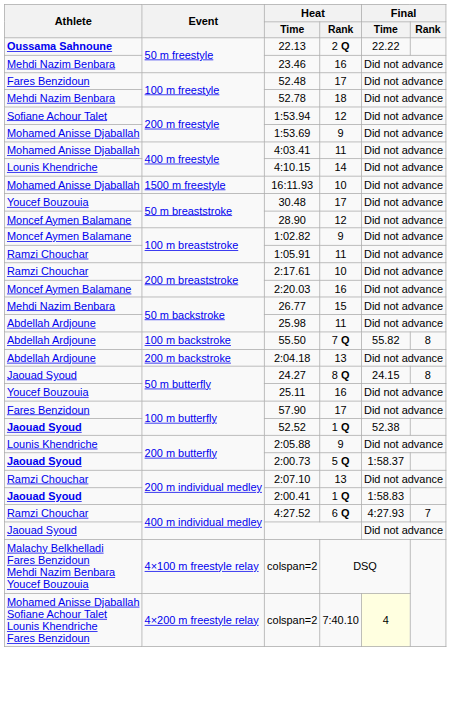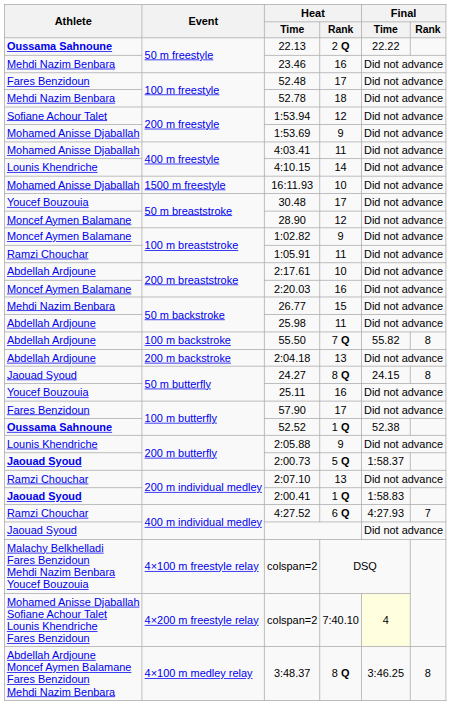 <table class=wikitable style="font-size:90%">
 <tr>
 <th rowspan="2">Athlete</th>
 <th rowspan="2">Event</th>
 <th colspan="2">Heat</th>
 <th colspan="2">Final</th>
 </tr>
 <tr style="font-size:95%">
 <th>Time</th>
 <th>Rank</th>
 <th>Time</th>
 <th>Rank</th>
 </tr>
 <tr align=center>
 <td align=left><strong><a href='#'>Oussama Sahnoune</a></strong></td>
 <td align=left rowspan=2><a href='#'>50 m freestyle</a></td>
 <td>22.13</td>
 <td>2 <strong>Q</strong></td>
 <td>22.22</td>
 <td></td>
 </tr>
 <tr align=center>
 <td align=left><a href='#'>Mehdi Nazim Benbara</a></td>
 <td>23.46</td>
 <td>16</td>
 <td colspan=2>Did not advance</td>
 </tr>
 <tr align=center>
 <td align=left><a href='#'>Fares Benzidoun</a></td>
 <td align=left rowspan=2><a href='#'>100 m freestyle</a></td>
 <td>52.48</td>
 <td>17</td>
 <td colspan=2>Did not advance</td>
 </tr>
 <tr align=center>
 <td align=left><a href='#'>Mehdi Nazim Benbara</a></td>
 <td>52.78</td>
 <td>18</td>
 <td colspan=2>Did not advance</td>
 </tr>
 <tr align=center>
 <td align=left><a href='#'>Sofiane Achour Talet</a></td>
 <td align=left rowspan=2><a href='#'>200 m freestyle</a></td>
 <td>1:53.94</td>
 <td>12</td>
 <td colspan=2>Did not advance</td>
 </tr>
 <tr align=center>
 <td align=left><a href='#'>Mohamed Anisse Djaballah</a></td>
 <td>1:53.69</td>
 <td>9</td>
 <td colspan=2>Did not advance</td>
 </tr>
 <tr align=center>
 <td align=left><a href='#'>Mohamed Anisse Djaballah</a></td>
 <td align=left rowspan=2><a href='#'>400 m freestyle</a></td>
 <td>4:03.41</td>
 <td>11</td>
 <td colspan=2>Did not advance</td>
 </tr>
 <tr align=center>
 <td align=left><a href='#'>Lounis Khendriche</a></td>
 <td>4:10.15</td>
 <td>14</td>
 <td colspan=2>Did not advance</td>
 </tr>
 <tr align=center>
 <td align=left><a href='#'>Mohamed Anisse Djaballah</a></td>
 <td align=left><a href='#'>1500 m freestyle</a></td>
 <td>16:11.93</td>
 <td>10</td>
 <td colspan=2>Did not advance</td>
 </tr>
 <tr align=center>
 <td align=left><a href='#'>Youcef Bouzouia</a></td>
 <td align=left rowspan=2><a href='#'>50 m breaststroke</a></td>
 <td>30.48</td>
 <td>17</td>
 <td colspan=2>Did not advance</td>
 </tr>
 <tr align=center>
 <td align=left><a href='#'>Moncef Aymen Balamane</a></td>
 <td>28.90</td>
 <td>12</td>
 <td colspan=2>Did not advance</td>
 </tr>
 <tr align=center>
 <td align=left><a href='#'>Moncef Aymen Balamane</a></td>
 <td align=left rowspan=2><a href='#'>100 m breaststroke</a></td>
 <td>1:02.82</td>
 <td>9</td>
 <td colspan=2>Did not advance</td>
 </tr>
 <tr align=center>
 <td align=left><a href='#'>Ramzi Chouchar</a></td>
 <td>1:05.91</td>
 <td>11</td>
 <td colspan=2>Did not advance</td>
 </tr>
 <tr align=center>
-<td align=left><a href='#'>Ramzi Chouchar</a></td>
+<td align=left><a href='#'>Abdellah Ardjoune</a></td>
 <td align=left rowspan=2><a href='#'>200 m breaststroke</a></td>
 <td>2:17.61</td>
 <td>10</td>
 <td colspan=2>Did not advance</td>
 </tr>
 <tr align=center>
 <td align=left><a href='#'>Moncef Aymen Balamane</a></td>
 <td>2:20.03</td>
 <td>16</td>
 <td colspan=2>Did not advance</td>
 </tr>
 <tr align=center>
 <td align=left><a href='#'>Mehdi Nazim Benbara</a></td>
 <td align=left rowspan=2><a href='#'>50 m backstroke</a></td>
 <td>26.77</td>
 <td>15</td>
 <td colspan=2>Did not advance</td>
 </tr>
 <tr align=center>
 <td align=left><a href='#'>Abdellah Ardjoune</a></td>
 <td>25.98</td>
 <td>11</td>
 <td colspan=2>Did not advance</td>
 </tr>
 <tr align=center>
 <td align=left><a href='#'>Abdellah Ardjoune</a></td>
 <td align=left><a href='#'>100 m backstroke</a></td>
 <td>55.50</td>
 <td>7 <strong>Q</strong></td>
 <td>55.82</td>
 <td>8</td>
 </tr>
 <tr align=center>
 <td align=left><a href='#'>Abdellah Ardjoune</a></td>
 <td align=left><a href='#'>200 m backstroke</a></td>
 <td>2:04.18</td>
 <td>13</td>
 <td colspan=2>Did not advance</td>
 </tr>
 <tr align=center>
 <td align=left><a href='#'>Jaouad Syoud</a></td>
 <td align=left rowspan=2><a href='#'>50 m butterfly</a></td>
 <td>24.27</td>
 <td>8 <strong>Q</strong></td>
 <td>24.15</td>
 <td>8</td>
 </tr>
 <tr align=center>
 <td align=left><a href='#'>Youcef Bouzouia</a></td>
 <td>25.11</td>
 <td>16</td>
 <td colspan=2>Did not advance</td>
 </tr>
 <tr align=center>
 <td align=left><a href='#'>Fares Benzidoun</a></td>
 <td align=left rowspan=2><a href='#'>100 m butterfly</a></td>
 <td>57.90</td>
 <td>17</td>
 <td colspan=2>Did not advance</td>
 </tr>
 <tr align=center>
-<td align=left><strong><a href='#'>Jaouad Syoud</a></strong></td>
+<td align=left><strong><a href='#'>Oussama Sahnoune</a></strong></td>
 <td>52.52</td>
 <td>1 <strong>Q</strong></td>
 <td>52.38</td>
 <td></td>
 </tr>
 <tr align=center>
 <td align=left><a href='#'>Lounis Khendriche</a></td>
 <td align=left rowspan=2><a href='#'>200 m butterfly</a></td>
 <td>2:05.88</td>
 <td>9</td>
 <td colspan=2>Did not advance</td>
 </tr>
 <tr align=center>
 <td align=left><strong><a href='#'>Jaouad Syoud</a></strong></td>
 <td>2:00.73</td>
 <td>5 <strong>Q</strong></td>
 <td>1:58.37</td>
 <td></td>
 </tr>
 <tr align=center>
 <td align=left><a href='#'>Ramzi Chouchar</a></td>
 <td align=left rowspan=2><a href='#'>200 m individual medley</a></td>
 <td>2:07.10</td>
 <td>13</td>
 <td colspan=2>Did not advance</td>
 </tr>
 <tr align=center>
 <td align=left><strong><a href='#'>Jaouad Syoud</a></strong></td>
 <td>2:00.41</td>
 <td>1 <strong>Q</strong></td>
 <td>1:58.83</td>
 <td></td>
 </tr>
 <tr align=center>
 <td align=left><a href='#'>Ramzi Chouchar</a></td>
 <td align=left rowspan=2><a href='#'>400 m individual medley</a></td>
 <td>4:27.52</td>
 <td>6 <strong>Q</strong></td>
 <td>4:27.93</td>
 <td>7</td>
 </tr>
 <tr align=center>
 <td align=left><a href='#'>Jaouad Syoud</a></td>
 <td colspan=2></td>
 <td colspan=2>Did not advance</td>
 </tr>
 <tr align=center>
 <td align=left><a href='#'>Malachy Belkhelladi</a><br><a href='#'>Fares Benzidoun</a><br><a href='#'>Mehdi Nazim Benbara</a><br><a href='#'>Youcef Bouzouia</a></td>
 <td align=left><a href='#'>4×100 m freestyle relay</a></td>
 <td>colspan=2 </td>
 <td colspan=2>DSQ</td>
 </tr>
 <tr align=center>
 <td align=left><a href='#'>Mohamed Anisse Djaballah</a><br><a href='#'>Sofiane Achour Talet</a><br><a href='#'>Lounis Khendriche</a><br><a href='#'>Fares Benzidoun</a></td>
 <td align=left><a href='#'>4×200 m freestyle relay</a></td>
 <td>colspan=2 </td>
 <td>7:40.10</td>
 <td style="background: lightyellow;">4</td>
 </tr>
+<tr align=center>
+<td align=left><a href='#'>Abdellah Ardjoune</a><br><a href='#'>Moncef Aymen Balamane</a><br><a href='#'>Fares Benzidoun</a><br><a href='#'>Mehdi Nazim Benbara</a></td>
+<td align=left><a href='#'>4×100 m medley relay</a></td>
+<td>3:48.37</td>
+<td>8 <strong>Q</strong></td>
+<td>3:46.25</td>
+<td>8</td>
+</tr>
 </table>
